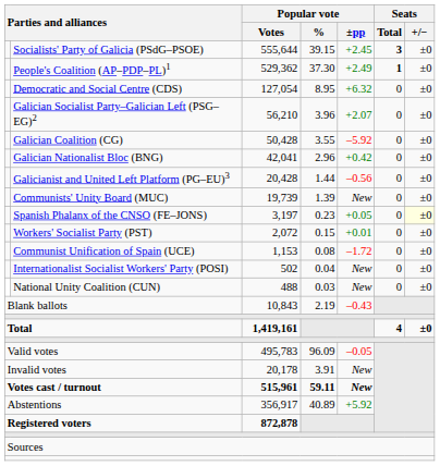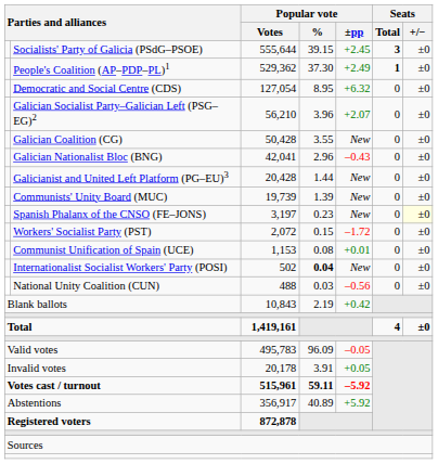 <table class="wikitable" style="text-align:right;">
 <tr>
 <th style="text-align:left;" rowspan="2" colspan="2" width="525">Parties and alliances</th>
 <th colspan="3">Popular vote</th>
 <th colspan="2">Seats</th>
 </tr>
 <tr>
 <th width="75">Votes</th>
 <th width="45">%</th>
 <th width="45">±<a href='#'>pp</a></th>
 <th width="35">Total</th>
 <th width="35">+/−</th>
 </tr>
 <tr>
 <td width="1" style="color:inherit;background:"></td>
 <td align="left"><a href='#'>Socialists' Party of Galicia</a> (PSdG–PSOE)</td>
 <td>555,644</td>
 <td>39.15</td>
 <td style="color:green;">+2.45</td>
 <td><strong>3</strong></td>
 <td>±0</td>
 </tr>
 <tr>
 <td style="color:inherit;background:"></td>
 <td align="left"><a href='#'>People's Coalition</a> (<a href='#'>AP</a>–<a href='#'>PDP</a>–<a href='#'>PL</a>)<sup>1</sup></td>
 <td>529,362</td>
 <td>37.30</td>
 <td style="color:green;">+2.49</td>
 <td><strong>1</strong></td>
 <td>±0</td>
 </tr>
 <tr>
 <td style="color:inherit;background:"></td>
 <td align="left"><a href='#'>Democratic and Social Centre</a> (CDS)</td>
 <td>127,054</td>
 <td>8.95</td>
 <td style="color:green;">+6.32</td>
 <td>0</td>
 <td>±0</td>
 </tr>
 <tr>
 <td style="color:inherit;background:"></td>
 <td align="left"><a href='#'>Galician Socialist Party–Galician Left</a> (PSG–EG)<sup>2</sup></td>
 <td>56,210</td>
 <td>3.96</td>
 <td style="color:green;">+2.07</td>
 <td>0</td>
 <td>±0</td>
 </tr>
 <tr>
 <td style="color:inherit;background:"></td>
 <td align="left"><a href='#'>Galician Coalition</a> (CG)</td>
 <td>50,428</td>
 <td>3.55</td>
-<td style="color:red;">–5.92</td>
+<td><em>New</em></td>
 <td>0</td>
 <td>±0</td>
 </tr>
 <tr>
 <td style="color:inherit;background:"></td>
 <td align="left"><a href='#'>Galician Nationalist Bloc</a> (BNG)</td>
 <td>42,041</td>
 <td>2.96</td>
-<td style="color:green;">+0.42</td>
+<td style="color:red;">–0.43</td>
 <td>0</td>
 <td>±0</td>
 </tr>
 <tr>
 <td style="color:inherit;background:"></td>
 <td align="left"><a href='#'>Galicianist and United Left Platform</a> (PG–EU)<sup>3</sup></td>
 <td>20,428</td>
 <td>1.44</td>
-<td style="color:red;">–0.56</td>
+<td><em>New</em></td>
 <td>0</td>
 <td>±0</td>
 </tr>
 <tr>
 <td style="color:inherit;background:"></td>
 <td align="left"><a href='#'>Communists' Unity Board</a> (MUC)</td>
 <td>19,739</td>
 <td>1.39</td>
 <td><em>New</em></td>
 <td>0</td>
 <td>±0</td>
 </tr>
 <tr>
 <td style="color:inherit;background:"></td>
 <td align="left"><a href='#'>Spanish Phalanx of the CNSO</a> (FE–JONS)</td>
 <td>3,197</td>
 <td>0.23</td>
-<td style="color:green;">+0.05</td>
+<td><em>New</em></td>
 <td>0</td>
 <td style="background: lightyellow;">±0</td>
 </tr>
 <tr>
 <td style="color:inherit;background:"></td>
 <td align="left"><a href='#'>Workers' Socialist Party</a> (PST)</td>
 <td>2,072</td>
 <td>0.15</td>
-<td style="color:green;">+0.01</td>
+<td style="color:red;">–1.72</td>
 <td>0</td>
 <td>±0</td>
 </tr>
 <tr>
 <td style="color:inherit;background:"></td>
 <td align="left"><a href='#'>Communist Unification of Spain</a> (UCE)</td>
 <td>1,153</td>
 <td>0.08</td>
-<td style="color:red;">–1.72</td>
+<td style="color:green;">+0.01</td>
 <td>0</td>
 <td>±0</td>
 </tr>
 <tr>
 <td style="color:inherit;background:"></td>
 <td align="left"><a href='#'>Internationalist Socialist Workers' Party</a> (POSI)</td>
 <td>502</td>
-<td>0.04</td>
+<td><strong>0.04</strong></td>
 <td><em>New</em></td>
 <td>0</td>
 <td>±0</td>
 </tr>
 <tr>
 <td bgcolor="white"></td>
 <td align="left">National Unity Coalition (CUN)</td>
 <td>488</td>
 <td>0.03</td>
-<td><em>New</em></td>
+<td style="color:red;">–0.56</td>
 <td>0</td>
 <td>±0</td>
 </tr>
 <tr>
 <td align="left" colspan="2">Blank ballots</td>
 <td>10,843</td>
 <td>2.19</td>
-<td style="color:red;">–0.43</td>
+<td style="color:green;">+0.42</td>
 <td bgcolor="#E9E9E9" colspan="2"></td>
 </tr>
 <tr>
 <td colspan="7" bgcolor="#E9E9E9"></td>
 </tr>
 <tr style="font-weight:bold;">
 <td align="left" colspan="2">Total</td>
 <td>1,419,161</td>
 <td bgcolor="#E9E9E9" colspan="2"></td>
 <td>4</td>
 <td>±0</td>
 </tr>
 <tr>
 <td colspan="7" bgcolor="#E9E9E9"></td>
 </tr>
 <tr>
 <td align="left" colspan="2">Valid votes</td>
 <td>495,783</td>
 <td>96.09</td>
 <td style="color:red;">–0.05</td>
 <td bgcolor="#E9E9E9" colspan="2" rowspan="5"></td>
 </tr>
 <tr>
 <td align="left" colspan="2">Invalid votes</td>
 <td>20,178</td>
 <td>3.91</td>
-<td><em>New</em></td>
+<td style="color:green;">+0.05</td>
 </tr>
 <tr style="font-weight:bold;">
 <td align="left" colspan="2">Votes cast / turnout</td>
 <td>515,961</td>
 <td>59.11</td>
-<td><em>New</em></td>
+<td style="color:red;">–5.92</td>
 </tr>
 <tr>
 <td align="left" colspan="2">Abstentions</td>
 <td>356,917</td>
 <td>40.89</td>
 <td style="color:green;">+5.92</td>
 </tr>
 <tr style="font-weight:bold;">
 <td align="left" colspan="2">Registered voters</td>
 <td>872,878</td>
 <td bgcolor="#E9E9E9" colspan="2"></td>
 </tr>
 <tr>
 <td colspan="7" bgcolor="#E9E9E9"></td>
 </tr>
 <tr>
 <td align="left" colspan="7">Sources</td>
 </tr>
 <tr>
 <td colspan="7" style="text-align:left; max-width:790px;"></td>
 </tr>
 </table>
